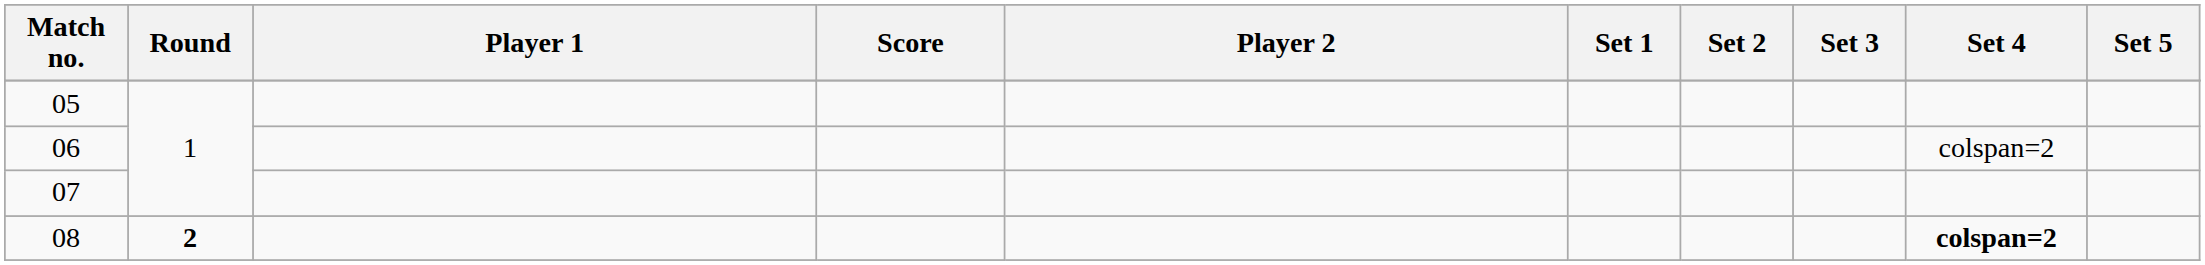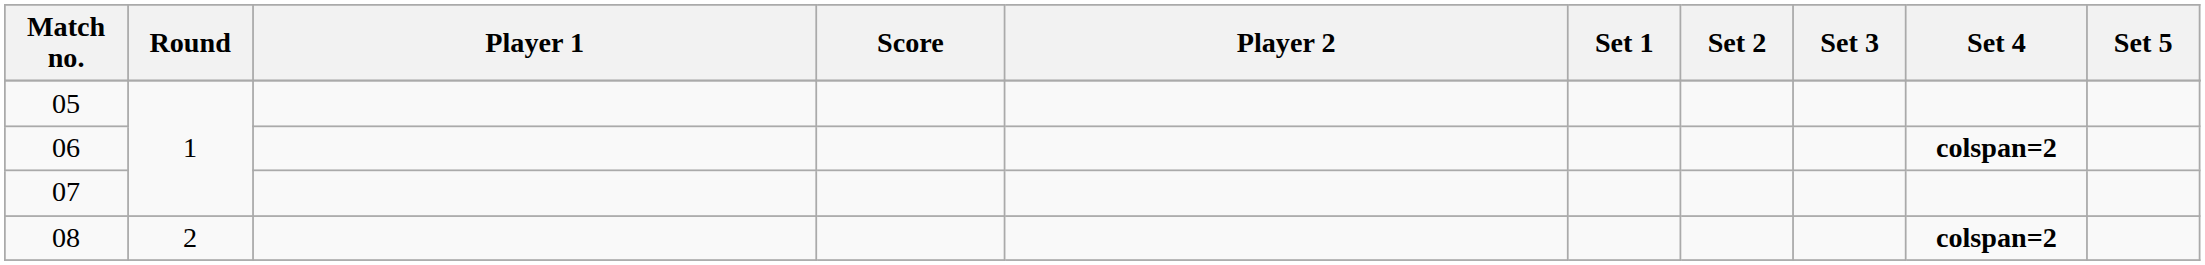 <table class="wikitable" style="text-align: center;">
 <tr>
 <th width="2%">Match no.</th>
 <th width="2%">Round</th>
 <th width="15%">Player 1</th>
 <th width="5%">Score</th>
 <th width="15%">Player 2</th>
 <th width="3%">Set 1</th>
 <th width="3%">Set 2</th>
 <th width="3%">Set 3</th>
 <th width="3%">Set 4</th>
 <th width="3%">Set 5</th>
 </tr>
 <tr>
 </tr>
 <tr style=text-align:center;>
 <td>05</td>
 <td rowspan=3>1</td>
 <td></td>
 <td></td>
 <td></td>
 <td></td>
 <td></td>
 <td></td>
 <td></td>
 <td></td>
 </tr>
 <tr style=text-align:center;>
 <td>06</td>
 <td></td>
 <td></td>
 <td></td>
 <td></td>
 <td></td>
 <td></td>
-<td>colspan=2</td>
+<td><strong>colspan=2</strong></td>
 </tr>
 <tr style=text-align:center;>
 <td>07</td>
 <td></td>
 <td></td>
 <td></td>
 <td></td>
 <td></td>
 <td></td>
 <td></td>
 <td></td>
 </tr>
 <tr style=text-align:center;>
 <td>08</td>
-<td><strong>2</strong></td>
+<td>2</td>
 <td></td>
 <td></td>
 <td></td>
 <td></td>
 <td></td>
 <td></td>
 <td><strong>colspan=2</strong></td>
 </tr>
 </table>
